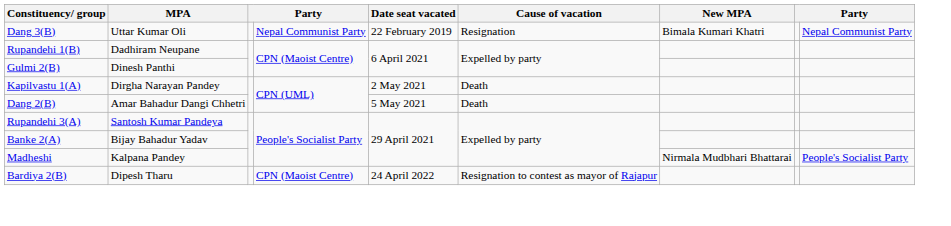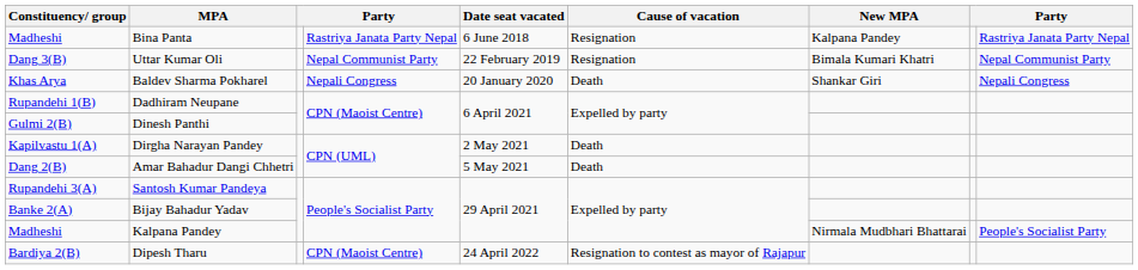 <table class="wikitable">
 <tr>
 <th>Constituency/ group</th>
 <th>MPA</th>
 <th colspan="2">Party</th>
 <th>Date seat vacated</th>
 <th>Cause of vacation</th>
 <th>New MPA</th>
 <th colspan="2">Party</th>
 </tr>
 <tr>
+<td><a href='#'>Madheshi</a></td>
+<td>Bina Panta</td>
+<td></td>
+<td><a href='#'>Rastriya Janata Party Nepal</a></td>
+<td>6 June 2018</td>
+<td>Resignation</td>
+<td>Kalpana Pandey</td>
+<td></td>
+<td><a href='#'>Rastriya Janata Party Nepal</a></td>
+</tr>
+<tr>
 <td><a href='#'>Dang 3(B)</a></td>
 <td>Uttar Kumar Oli</td>
 <td></td>
 <td><a href='#'>Nepal Communist Party</a></td>
 <td>22 February 2019</td>
 <td>Resignation</td>
 <td>Bimala Kumari Khatri</td>
 <td></td>
 <td><a href='#'>Nepal Communist Party</a></td>
+</tr>
+<tr>
+<td><a href='#'>Khas Arya</a></td>
+<td>Baldev Sharma Pokharel</td>
+<td></td>
+<td><a href='#'>Nepali Congress</a></td>
+<td>20 January 2020</td>
+<td>Death</td>
+<td>Shankar Giri</td>
+<td></td>
+<td><a href='#'>Nepali Congress</a></td>
 </tr>
 <tr>
 <td><a href='#'>Rupandehi 1(B)</a></td>
 <td>Dadhiram Neupane</td>
 <td rowspan="2"></td>
 <td rowspan="2"><a href='#'>CPN (Maoist Centre)</a></td>
 <td rowspan="2">6 April 2021</td>
 <td rowspan="2">Expelled by party</td>
 <td></td>
 <td></td>
 <td></td>
 </tr>
 <tr>
 <td><a href='#'>Gulmi 2(B)</a></td>
 <td>Dinesh Panthi</td>
 <td></td>
 <td></td>
 <td></td>
 </tr>
 <tr>
 <td><a href='#'>Kapilvastu 1(A)</a></td>
 <td>Dirgha Narayan Pandey</td>
 <td rowspan="2"></td>
 <td rowspan="2"><a href='#'>CPN (UML)</a></td>
 <td>2 May 2021</td>
 <td>Death</td>
 <td></td>
 <td></td>
 <td></td>
 </tr>
 <tr>
 <td><a href='#'>Dang 2(B)</a></td>
 <td>Amar Bahadur Dangi Chhetri</td>
 <td>5 May 2021</td>
 <td>Death</td>
 <td></td>
 <td></td>
 <td></td>
 </tr>
 <tr>
 <td><a href='#'>Rupandehi 3(A)</a></td>
 <td><a href='#'>Santosh Kumar Pandeya</a></td>
 <td rowspan="3"></td>
 <td rowspan="3"><a href='#'>People's Socialist Party</a></td>
 <td rowspan="3">29 April 2021</td>
 <td rowspan="3">Expelled by party</td>
 <td></td>
 <td></td>
 <td></td>
 </tr>
 <tr>
 <td><a href='#'>Banke 2(A)</a></td>
 <td>Bijay Bahadur Yadav</td>
 <td></td>
 <td></td>
 <td></td>
 </tr>
 <tr>
 <td><a href='#'>Madheshi</a></td>
 <td>Kalpana Pandey</td>
 <td>Nirmala Mudbhari Bhattarai</td>
 <td></td>
 <td><a href='#'>People's Socialist Party</a></td>
 </tr>
 <tr>
 <td><a href='#'>Bardiya 2(B)</a></td>
 <td>Dipesh Tharu</td>
 <td></td>
 <td><a href='#'>CPN (Maoist Centre)</a></td>
 <td>24 April 2022</td>
 <td>Resignation to contest as mayor of <a href='#'>Rajapur</a></td>
 <td></td>
 <td></td>
 <td></td>
 </tr>
 </table>
